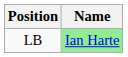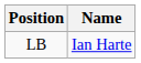 <table class="wikitable" style="text-align:center; border:1px #aaa solid; font-size:95%;">
 <tr>
 <th>Position</th>
 <th>Name</th>
 </tr>
 <tr>
 <td>LB</td>
-<td style="background: lightgreen;"><a href='#'>Ian Harte</a></td>
+<td><a href='#'>Ian Harte</a></td>
 </tr>
 </table>
